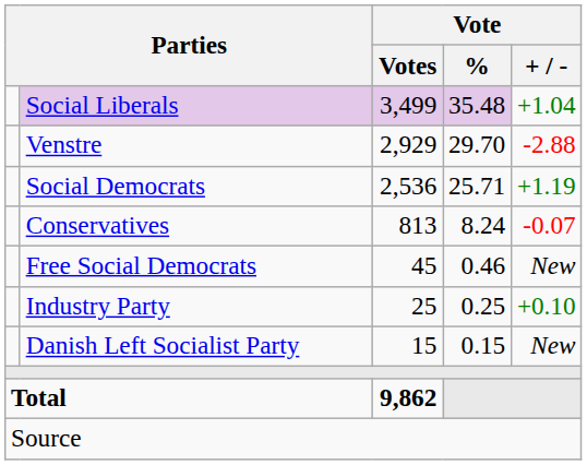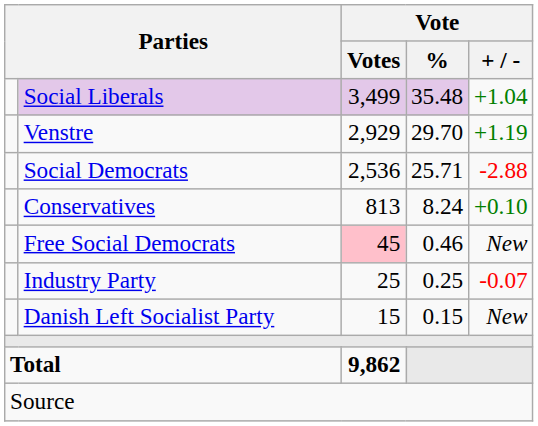 <table class="wikitable" style="text-align:right;">
 <tr>
 <th style="text-align:centre;" rowspan="2" colspan="2" width="225">Parties</th>
 <th colspan="3">Vote</th>
 </tr>
 <tr>
 <th width="15">Votes</th>
 <th width="15">%</th>
 <th width="15">+ / -</th>
 </tr>
 <tr>
 <td width="2" style="color:inherit;background:"></td>
 <td bgcolor=#e3c8e9  align="left"><a href='#'>Social Liberals</a></td>
 <td bgcolor=#e3c8e9>3,499</td>
 <td bgcolor=#e3c8e9>35.48</td>
 <td style=color:green;>+1.04</td>
 </tr>
 <tr>
 <td width="2" style="color:inherit;background:"></td>
 <td align="left"><a href='#'>Venstre</a></td>
 <td>2,929</td>
 <td>29.70</td>
-<td style=color:red;>-2.88</td>
+<td style=color:green;>+1.19</td>
 </tr>
 <tr>
 <td width="2" style="color:inherit;background:"></td>
 <td align="left"><a href='#'>Social Democrats</a></td>
 <td>2,536</td>
 <td>25.71</td>
-<td style=color:green;>+1.19</td>
+<td style=color:red;>-2.88</td>
 </tr>
 <tr>
 <td width="2" style="color:inherit;background:"></td>
 <td align="left"><a href='#'>Conservatives</a></td>
 <td>813</td>
 <td>8.24</td>
-<td style=color:red;>-0.07</td>
+<td style=color:green;>+0.10</td>
 </tr>
 <tr>
 <td width="2" style="color:inherit;background:"></td>
 <td align="left"><a href='#'>Free Social Democrats</a></td>
-<td>45</td>
+<td style="background: pink;">45</td>
 <td>0.46</td>
 <td><em>New</em></td>
 </tr>
 <tr>
 <td width="2" style="color:inherit;background:"></td>
 <td align="left"><a href='#'>Industry Party</a></td>
 <td>25</td>
 <td>0.25</td>
-<td style=color:green;>+0.10</td>
+<td style=color:red;>-0.07</td>
 </tr>
 <tr>
 <td width="2" style="color:inherit;background:"></td>
 <td align="left"><a href='#'>Danish Left Socialist Party</a></td>
 <td>15</td>
 <td>0.15</td>
 <td><em>New</em></td>
 </tr>
 <tr>
 <td colspan="7" bgcolor="#E9E9E9"></td>
 </tr>
 <tr>
 <td align="left" colspan="2"><strong>Total</strong></td>
 <td><strong>9,862</strong></td>
 <td bgcolor="#E9E9E9" colspan="2"></td>
 </tr>
 <tr>
 <td align="left" colspan="6">Source</td>
 </tr>
 </table>
